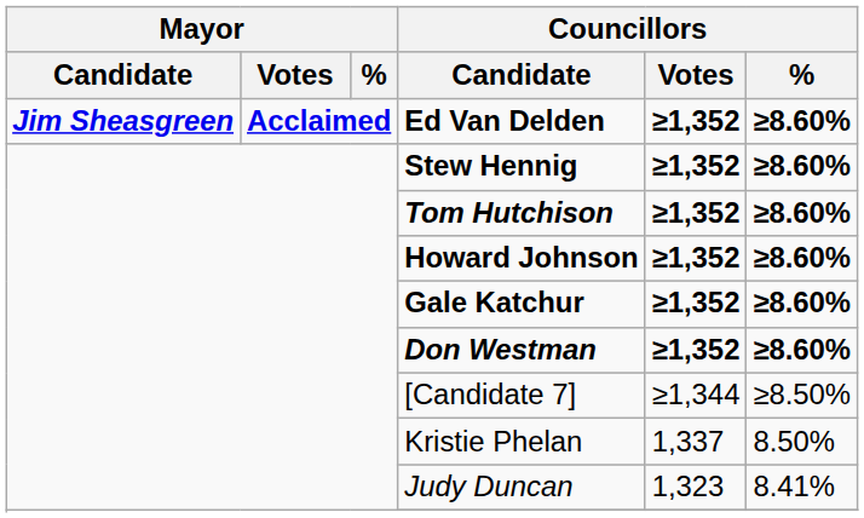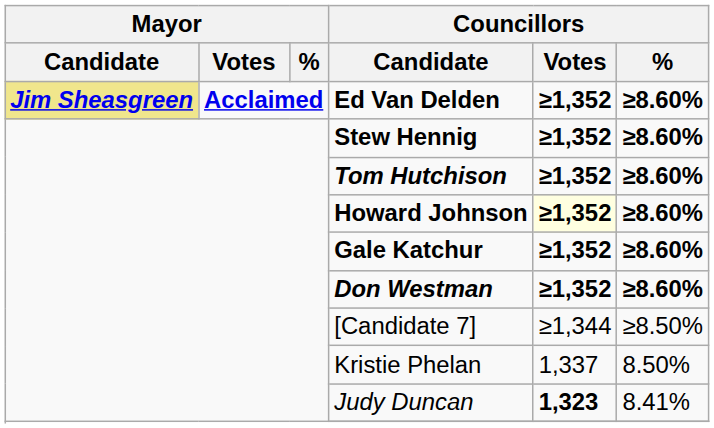 <table class="wikitable collapsible collapsed" align="right">
 <tr>
 <th colspan=3>Mayor</th>
 <th colspan=3>Councillors</th>
 </tr>
 <tr>
 <th>Candidate</th>
 <th>Votes</th>
 <th>%</th>
 <th>Candidate</th>
 <th>Votes</th>
 <th>%</th>
 </tr>
 <tr>
-<td><strong><em><a href='#'>Jim Sheasgreen</a></em></strong></td>
+<td style="background: khaki;"><strong><em><a href='#'>Jim Sheasgreen</a></em></strong></td>
 <td colspan=2><strong><a href='#'>Acclaimed</a></strong></td>
 <td><strong>Ed Van Delden</strong></td>
 <td><strong>≥1,352</strong></td>
 <td><strong>≥8.60%</strong></td>
 </tr>
 <tr>
 <td rowspan=9 colspan=3></td>
 <td><strong>Stew Hennig</strong></td>
 <td><strong>≥1,352</strong></td>
 <td><strong>≥8.60%</strong></td>
 </tr>
 <tr>
 <td><strong><em>Tom Hutchison</em></strong></td>
 <td><strong>≥1,352</strong></td>
 <td><strong>≥8.60%</strong></td>
 </tr>
 <tr>
 <td><strong>Howard Johnson</strong></td>
-<td><strong>≥1,352</strong></td>
+<td style="background: lightyellow;"><strong>≥1,352</strong></td>
 <td><strong>≥8.60%</strong></td>
 </tr>
 <tr>
 <td><strong>Gale Katchur</strong></td>
 <td><strong>≥1,352</strong></td>
 <td><strong>≥8.60%</strong></td>
 </tr>
 <tr>
 <td><strong><em>Don Westman</em></strong></td>
 <td><strong>≥1,352</strong></td>
 <td><strong>≥8.60%</strong></td>
 </tr>
 <tr>
 <td>[Candidate 7]</td>
 <td>≥1,344</td>
 <td>≥8.50%</td>
 </tr>
 <tr>
 <td>Kristie Phelan</td>
 <td>1,337</td>
 <td>8.50%</td>
 </tr>
 <tr>
 <td><em>Judy Duncan</em></td>
-<td>1,323</td>
+<td><strong>1,323</strong></td>
 <td>8.41%</td>
 </tr>
 <tr>
 </tr>
 </table>
